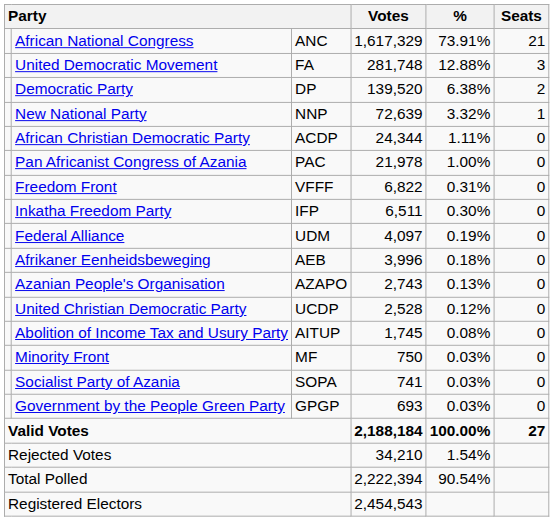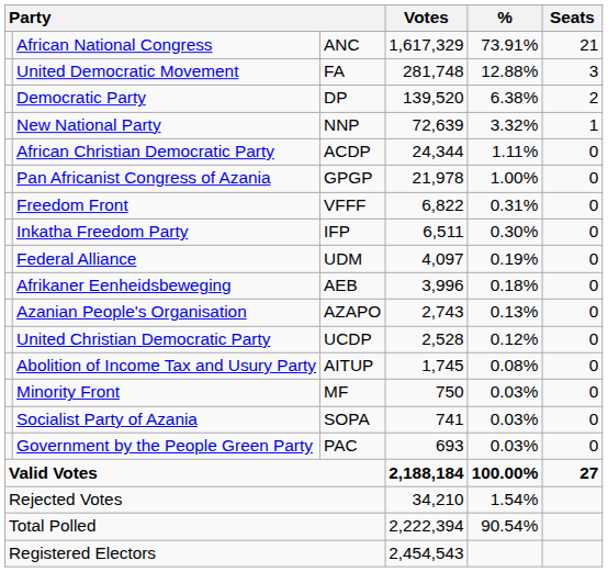 <table class="wikitable" border="1" style="text-align:right;">
 <tr>
 <th style="text-align:left;" colspan=3>Party</th>
 <th align=center width="50">Votes</th>
 <th align=center width="50">%</th>
 <th align=center width="50">Seats</th>
 </tr>
 <tr>
 <td style="background:"></td>
 <td align=left><a href='#'>African National Congress</a></td>
 <td align=left>ANC</td>
 <td>1,617,329</td>
 <td>73.91%</td>
 <td>21</td>
 </tr>
 <tr>
 <td style="background:"></td>
 <td align=left><a href='#'>United Democratic Movement</a></td>
 <td align=left>FA</td>
 <td>281,748</td>
 <td>12.88%</td>
 <td>3</td>
 </tr>
 <tr>
 <td style="background:"></td>
 <td align=left><a href='#'>Democratic Party</a></td>
 <td align=left>DP</td>
 <td>139,520</td>
 <td>6.38%</td>
 <td>2</td>
 </tr>
 <tr>
 <td style="background:"></td>
 <td align=left><a href='#'>New National Party</a></td>
 <td align=left>NNP</td>
 <td>72,639</td>
 <td>3.32%</td>
 <td>1</td>
 </tr>
 <tr>
 <td style="background:"></td>
 <td align=left><a href='#'>African Christian Democratic Party</a></td>
 <td align=left>ACDP</td>
 <td>24,344</td>
 <td>1.11%</td>
 <td>0</td>
 </tr>
 <tr>
 <td style="background:"></td>
 <td align=left><a href='#'>Pan Africanist Congress of Azania</a></td>
-<td align=left>PAC</td>
+<td align=left>GPGP</td>
 <td>21,978</td>
 <td>1.00%</td>
 <td>0</td>
 </tr>
 <tr>
 <td style="background:"></td>
 <td align=left><a href='#'>Freedom Front</a></td>
 <td align=left>VFFF</td>
 <td>6,822</td>
 <td>0.31%</td>
 <td>0</td>
 </tr>
 <tr>
 <td style="background:"></td>
 <td align=left><a href='#'>Inkatha Freedom Party</a></td>
 <td align=left>IFP</td>
 <td>6,511</td>
 <td>0.30%</td>
 <td>0</td>
 </tr>
 <tr>
 <td></td>
 <td align=left><a href='#'>Federal Alliance</a></td>
 <td align=left>UDM</td>
 <td>4,097</td>
 <td>0.19%</td>
 <td>0</td>
 </tr>
 <tr>
 <td></td>
 <td align=left><a href='#'>Afrikaner Eenheidsbeweging</a></td>
 <td align=left>AEB</td>
 <td>3,996</td>
 <td>0.18%</td>
 <td>0</td>
 </tr>
 <tr>
 <td style="background:"></td>
 <td align=left><a href='#'>Azanian People's Organisation</a></td>
 <td align=left>AZAPO</td>
 <td>2,743</td>
 <td>0.13%</td>
 <td>0</td>
 </tr>
 <tr>
 <td style="background:"></td>
 <td align=left><a href='#'>United Christian Democratic Party</a></td>
 <td align=left>UCDP</td>
 <td>2,528</td>
 <td>0.12%</td>
 <td>0</td>
 </tr>
 <tr>
 <td style="background:"></td>
 <td align=left><a href='#'>Abolition of Income Tax and Usury Party</a></td>
 <td align=left>AITUP</td>
 <td>1,745</td>
 <td>0.08%</td>
 <td>0</td>
 </tr>
 <tr>
 <td style="background:"></td>
 <td align=left><a href='#'>Minority Front</a></td>
 <td align=left>MF</td>
 <td>750</td>
 <td>0.03%</td>
 <td>0</td>
 </tr>
 <tr>
 <td style="background:"></td>
 <td align=left><a href='#'>Socialist Party of Azania</a></td>
 <td align=left>SOPA</td>
 <td>741</td>
 <td>0.03%</td>
 <td>0</td>
 </tr>
 <tr>
 <td style="background:"></td>
 <td align=left><a href='#'>Government by the People Green Party</a></td>
-<td align=left>GPGP</td>
+<td align=left>PAC</td>
 <td>693</td>
 <td>0.03%</td>
 <td>0</td>
 </tr>
 <tr style="font-weight:bold">
 <td align=left colspan=3>Valid Votes</td>
 <td>2,188,184</td>
 <td>100.00%</td>
 <td>27</td>
 </tr>
 <tr>
 <td align=left colspan=3>Rejected Votes</td>
 <td>34,210</td>
 <td>1.54%</td>
 <td></td>
 </tr>
 <tr>
 <td align=left colspan=3>Total Polled</td>
 <td>2,222,394</td>
 <td>90.54%</td>
 <td></td>
 </tr>
 <tr>
 <td align=left colspan=3>Registered Electors</td>
 <td>2,454,543</td>
 <td></td>
 <td></td>
 </tr>
 </table>
